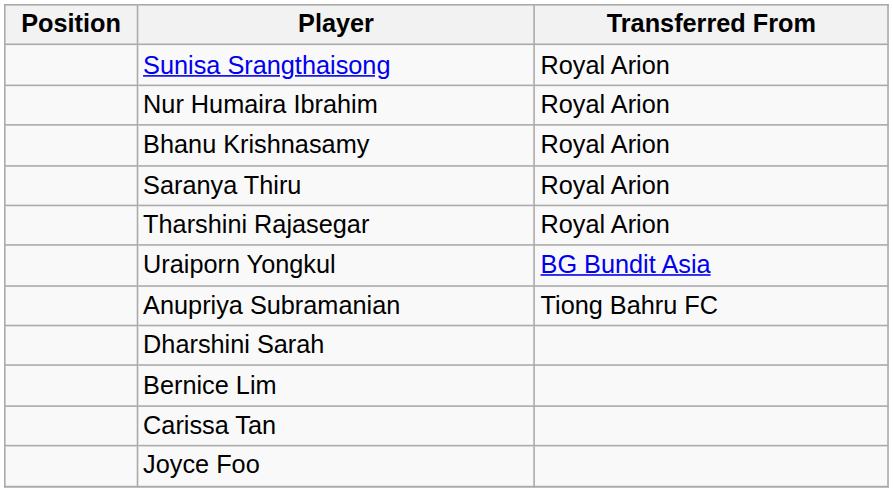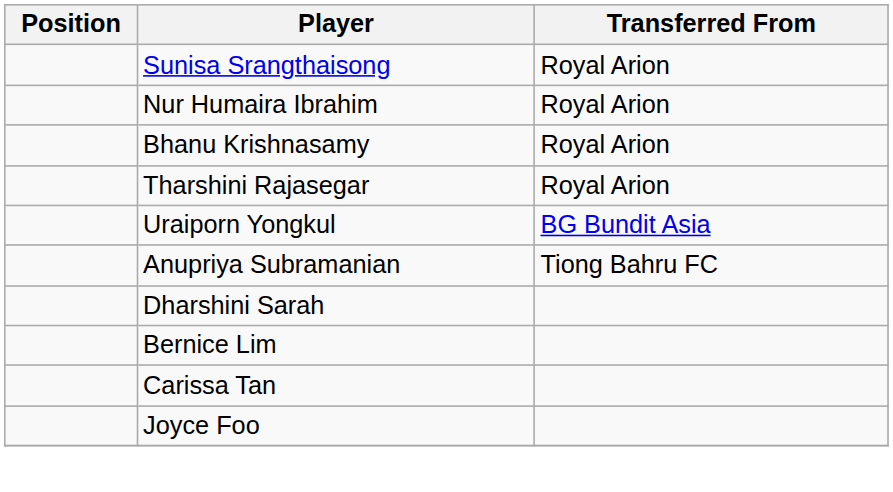 <table class="wikitable sortable" style="width:35em; text-align:center; font-size:100%; text-align:left;">
 <tr>
 <th style="width:15%;">Position</th>
 <th style="width:45%;">Player</th>
 <th style="width:40%;">Transferred From</th>
 </tr>
 <tr>
 <td></td>
 <td> <a href='#'>Sunisa Srangthaisong</a></td>
 <td> Royal Arion</td>
 </tr>
 <tr>
 <td></td>
 <td> Nur Humaira Ibrahim</td>
 <td> Royal Arion</td>
 </tr>
 <tr>
 <td></td>
 <td> Bhanu Krishnasamy</td>
-<td> Royal Arion</td>
-</tr>
-<tr>
-<td></td>
-<td> Saranya Thiru</td>
 <td> Royal Arion</td>
 </tr>
 <tr>
 <td></td>
 <td> Tharshini Rajasegar</td>
 <td> Royal Arion</td>
 </tr>
 <tr>
 <td></td>
 <td> Uraiporn Yongkul</td>
 <td> <a href='#'> BG Bundit Asia</a></td>
 </tr>
 <tr>
 <td></td>
 <td> Anupriya Subramanian</td>
 <td> Tiong Bahru FC</td>
 </tr>
 <tr>
 <td></td>
 <td> Dharshini Sarah</td>
 <td></td>
 </tr>
 <tr>
 <td></td>
 <td> Bernice Lim</td>
 <td></td>
 </tr>
 <tr>
 <td></td>
 <td> Carissa Tan</td>
 <td></td>
 </tr>
 <tr>
 <td></td>
 <td> Joyce Foo</td>
 <td></td>
 </tr>
 <tr>
 </tr>
 </table>
